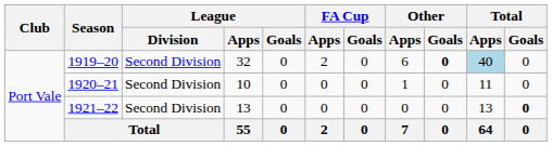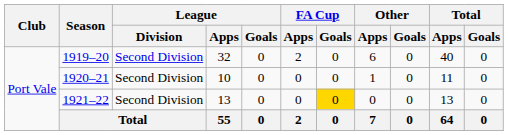 <table class="wikitable" style="text-align:center">
 <tr>
 <th rowspan="2">Club</th>
 <th rowspan="2">Season</th>
 <th colspan="3">League</th>
 <th colspan="2"><a href='#'>FA Cup</a></th>
 <th colspan="2">Other</th>
 <th colspan="2">Total</th>
 </tr>
 <tr>
 <th>Division</th>
 <th>Apps</th>
 <th>Goals</th>
 <th>Apps</th>
 <th>Goals</th>
 <th>Apps</th>
 <th>Goals</th>
 <th>Apps</th>
 <th>Goals</th>
 </tr>
 <tr>
 <td rowspan="4"><a href='#'>Port Vale</a></td>
 <td><a href='#'>1919–20</a></td>
 <td><a href='#'>Second Division</a></td>
 <td>32</td>
 <td>0</td>
 <td>2</td>
 <td>0</td>
 <td>6</td>
-<td><strong>0</strong></td>
-<td style="background: lightblue;">40</td>
+<td>0</td>
+<td>40</td>
 <td>0</td>
 </tr>
 <tr>
 <td><a href='#'>1920–21</a></td>
 <td>Second Division</td>
 <td>10</td>
 <td>0</td>
 <td>0</td>
 <td>0</td>
 <td>1</td>
 <td>0</td>
 <td>11</td>
 <td>0</td>
 </tr>
 <tr>
 <td><a href='#'>1921–22</a></td>
 <td>Second Division</td>
 <td>13</td>
 <td>0</td>
 <td>0</td>
-<td>0</td>
+<td style="background: gold;">0</td>
 <td>0</td>
 <td>0</td>
 <td>13</td>
-<td><strong>0</strong></td>
+<td>0</td>
 </tr>
 <tr>
 <th colspan="2">Total</th>
 <th>55</th>
 <th>0</th>
 <th>2</th>
 <th>0</th>
 <th>7</th>
 <th>0</th>
 <th>64</th>
 <th>0</th>
 </tr>
 </table>
